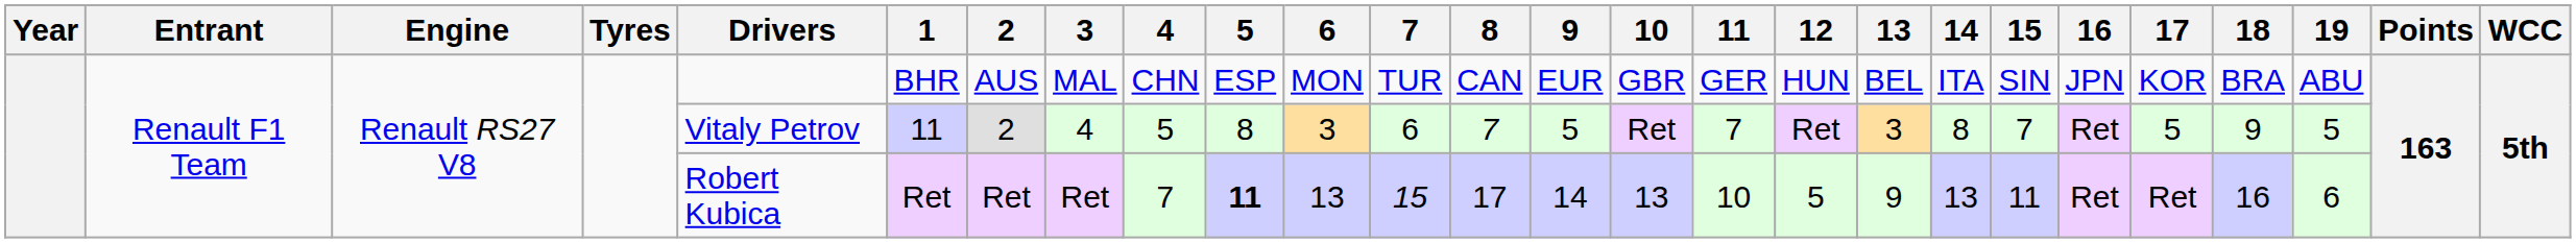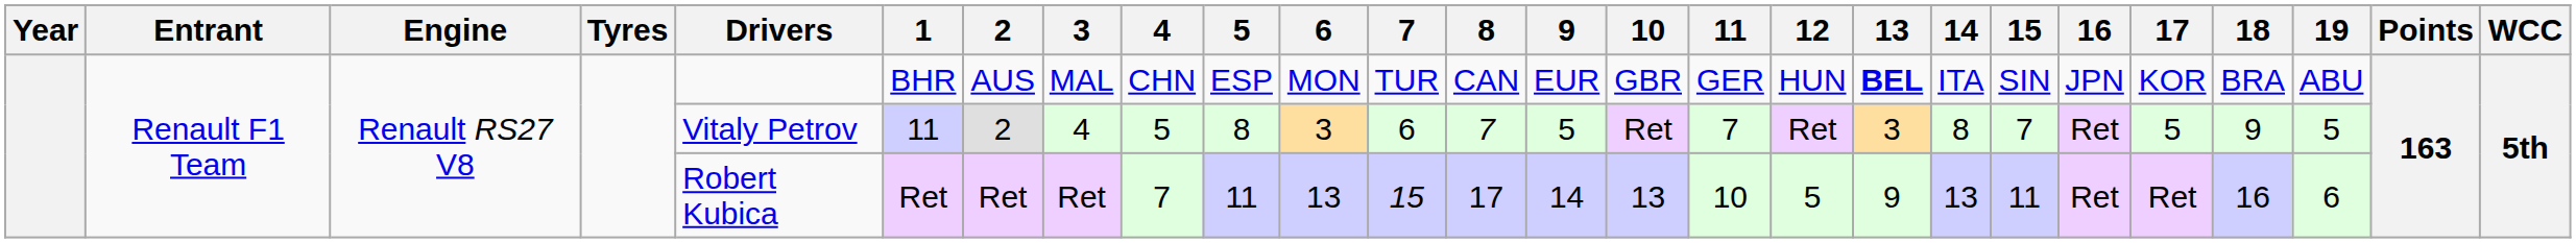 <table class="wikitable" style="text-align:center;  font-size:95%">
 <tr>
 <th>Year</th>
 <th>Entrant</th>
 <th>Engine</th>
 <th>Tyres</th>
 <th>Drivers</th>
 <th>1</th>
 <th>2</th>
 <th>3</th>
 <th>4</th>
 <th>5</th>
 <th>6</th>
 <th>7</th>
 <th>8</th>
 <th>9</th>
 <th>10</th>
 <th>11</th>
 <th>12</th>
 <th>13</th>
 <th>14</th>
 <th>15</th>
 <th>16</th>
 <th>17</th>
 <th>18</th>
 <th>19</th>
 <th>Points</th>
 <th>WCC</th>
 </tr>
 <tr>
 <th rowspan=3></th>
 <td rowspan=3><a href='#'>Renault F1 Team</a></td>
 <td rowspan=3><a href='#'>Renault</a> <em>RS27</em> <a href='#'>V8</a></td>
 <td rowspan=3></td>
 <td></td>
 <td><a href='#'>BHR</a></td>
 <td><a href='#'>AUS</a></td>
 <td><a href='#'>MAL</a></td>
 <td><a href='#'>CHN</a></td>
 <td><a href='#'>ESP</a></td>
 <td><a href='#'>MON</a></td>
 <td><a href='#'>TUR</a></td>
 <td><a href='#'>CAN</a></td>
 <td><a href='#'>EUR</a></td>
 <td><a href='#'>GBR</a></td>
 <td><a href='#'>GER</a></td>
 <td><a href='#'>HUN</a></td>
-<td><a href='#'>BEL</a></td>
+<td><strong><a href='#'>BEL</a></strong></td>
 <td><a href='#'>ITA</a></td>
 <td><a href='#'>SIN</a></td>
 <td><a href='#'>JPN</a></td>
 <td><a href='#'>KOR</a></td>
 <td><a href='#'>BRA</a></td>
 <td><a href='#'>ABU</a></td>
 <th rowspan=3>163</th>
 <th rowspan=3>5th</th>
 </tr>
 <tr>
 <td align="left"> <a href='#'>Vitaly Petrov</a></td>
 <td style="background:#CFCFFF;">11</td>
 <td style="background:#DFDFDF;">2</td>
 <td style="background:#DFFFDF;">4</td>
 <td style="background:#DFFFDF;">5</td>
 <td style="background:#DFFFDF;">8</td>
 <td style="background:#FFDF9F;">3</td>
 <td style="background:#DFFFDF;">6</td>
 <td style="background:#DFFFDF;"><em>7</em></td>
 <td style="background:#DFFFDF;">5</td>
 <td style="background:#EFCFFF;">Ret</td>
 <td style="background:#DFFFDF;">7</td>
 <td style="background:#EFCFFF;">Ret</td>
 <td style="background:#FFDF9F;">3</td>
 <td style="background:#DFFFDF;">8</td>
 <td style="background:#DFFFDF;">7</td>
 <td style="background:#EFCFFF;">Ret</td>
 <td style="background:#DFFFDF;">5</td>
 <td style="background:#DFFFDF;">9</td>
 <td style="background:#DFFFDF;">5</td>
 </tr>
 <tr>
 <td align="left"> <a href='#'>Robert Kubica</a></td>
 <td style="background:#EFCFFF;">Ret</td>
 <td style="background:#EFCFFF;">Ret</td>
 <td style="background:#EFCFFF;">Ret</td>
 <td style="background:#DFFFDF;">7</td>
-<td style="background:#CFCFFF;"><strong>11</strong></td>
+<td style="background:#CFCFFF;">11</td>
 <td style="background:#CFCFFF;">13</td>
 <td style="background:#CFCFFF;"><em>15</em></td>
 <td style="background:#CFCFFF;">17</td>
 <td style="background:#CFCFFF;">14</td>
 <td style="background:#CFCFFF;">13</td>
 <td style="background:#DFFFDF;">10</td>
 <td style="background:#DFFFDF;">5</td>
 <td style="background:#DFFFDF;">9</td>
 <td style="background:#CFCFFF;">13</td>
 <td style="background:#CFCFFF;">11</td>
 <td style="background:#EFCFFF;">Ret</td>
 <td style="background:#EFCFFF;">Ret</td>
 <td style="background:#CFCFFF;">16</td>
 <td style="background:#DFFFDF;">6</td>
 </tr>
 </table>
